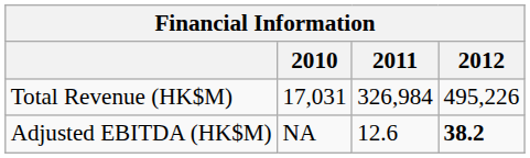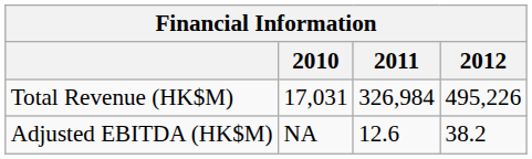 <table class="wikitable" style="margin:0.5em auto">
 <tr>
 <th colspan=4>Financial Information</th>
 </tr>
 <tr>
 <th></th>
 <th>2010</th>
 <th>2011</th>
 <th>2012</th>
 </tr>
 <tr>
 <td>Total Revenue (HK$M)</td>
 <td>17,031</td>
 <td>326,984</td>
 <td>495,226</td>
 </tr>
 <tr>
 <td>Adjusted EBITDA (HK$M)</td>
 <td>NA</td>
 <td>12.6</td>
-<td><strong>38.2</strong></td>
+<td>38.2</td>
 </tr>
 </table>
